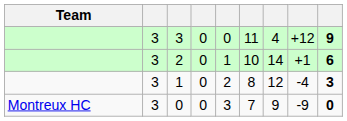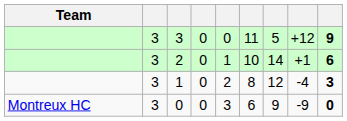 <table class="wikitable" style="text-align:center;">
 <tr>
 <th width=150>Team</th>
 <th width=20></th>
 <th width=20></th>
 <th width=20></th>
 <th width=20></th>
 <th width=20></th>
 <th width=20></th>
 <th width=20></th>
 <th width=20></th>
 </tr>
 <tr bgcolor="#ccffcc">
 <td align=left></td>
 <td>3</td>
 <td>3</td>
 <td>0</td>
 <td>0</td>
 <td>11</td>
-<td>4</td>
+<td>5</td>
 <td>+12</td>
 <td><strong>9</strong></td>
 </tr>
 <tr bgcolor="#ccffcc">
 <td align=left></td>
 <td>3</td>
 <td>2</td>
 <td>0</td>
 <td>1</td>
 <td>10</td>
 <td>14</td>
 <td>+1</td>
 <td><strong>6</strong></td>
 </tr>
 <tr>
 <td align=left></td>
 <td>3</td>
 <td>1</td>
 <td>0</td>
 <td>2</td>
 <td>8</td>
 <td>12</td>
 <td>-4</td>
 <td><strong>3</strong></td>
 </tr>
 <tr>
 <td align=left> <a href='#'>Montreux HC</a></td>
 <td>3</td>
 <td>0</td>
 <td>0</td>
 <td>3</td>
-<td>7</td>
+<td>6</td>
 <td>9</td>
 <td>-9</td>
 <td><strong>0</strong></td>
 </tr>
 </table>
